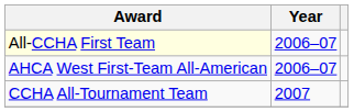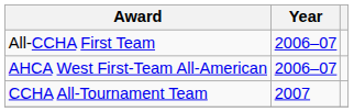 <table class="wikitable">
 <tr>
 <th>Award</th>
 <th>Year</th>
 <th></th>
 </tr>
 <tr>
-<td style="background: lightyellow;">All-<a href='#'>CCHA</a> <a href='#'>First Team</a></td>
+<td>All-<a href='#'>CCHA</a> <a href='#'>First Team</a></td>
 <td><a href='#'>2006–07</a></td>
 <td></td>
 </tr>
 <tr>
 <td><a href='#'>AHCA</a> <a href='#'>West First-Team All-American</a></td>
 <td><a href='#'>2006–07</a></td>
 <td></td>
 </tr>
 <tr>
 <td><a href='#'>CCHA</a> <a href='#'>All-Tournament Team</a></td>
 <td><a href='#'>2007</a></td>
 <td></td>
 </tr>
 <tr>
 </tr>
 </table>
